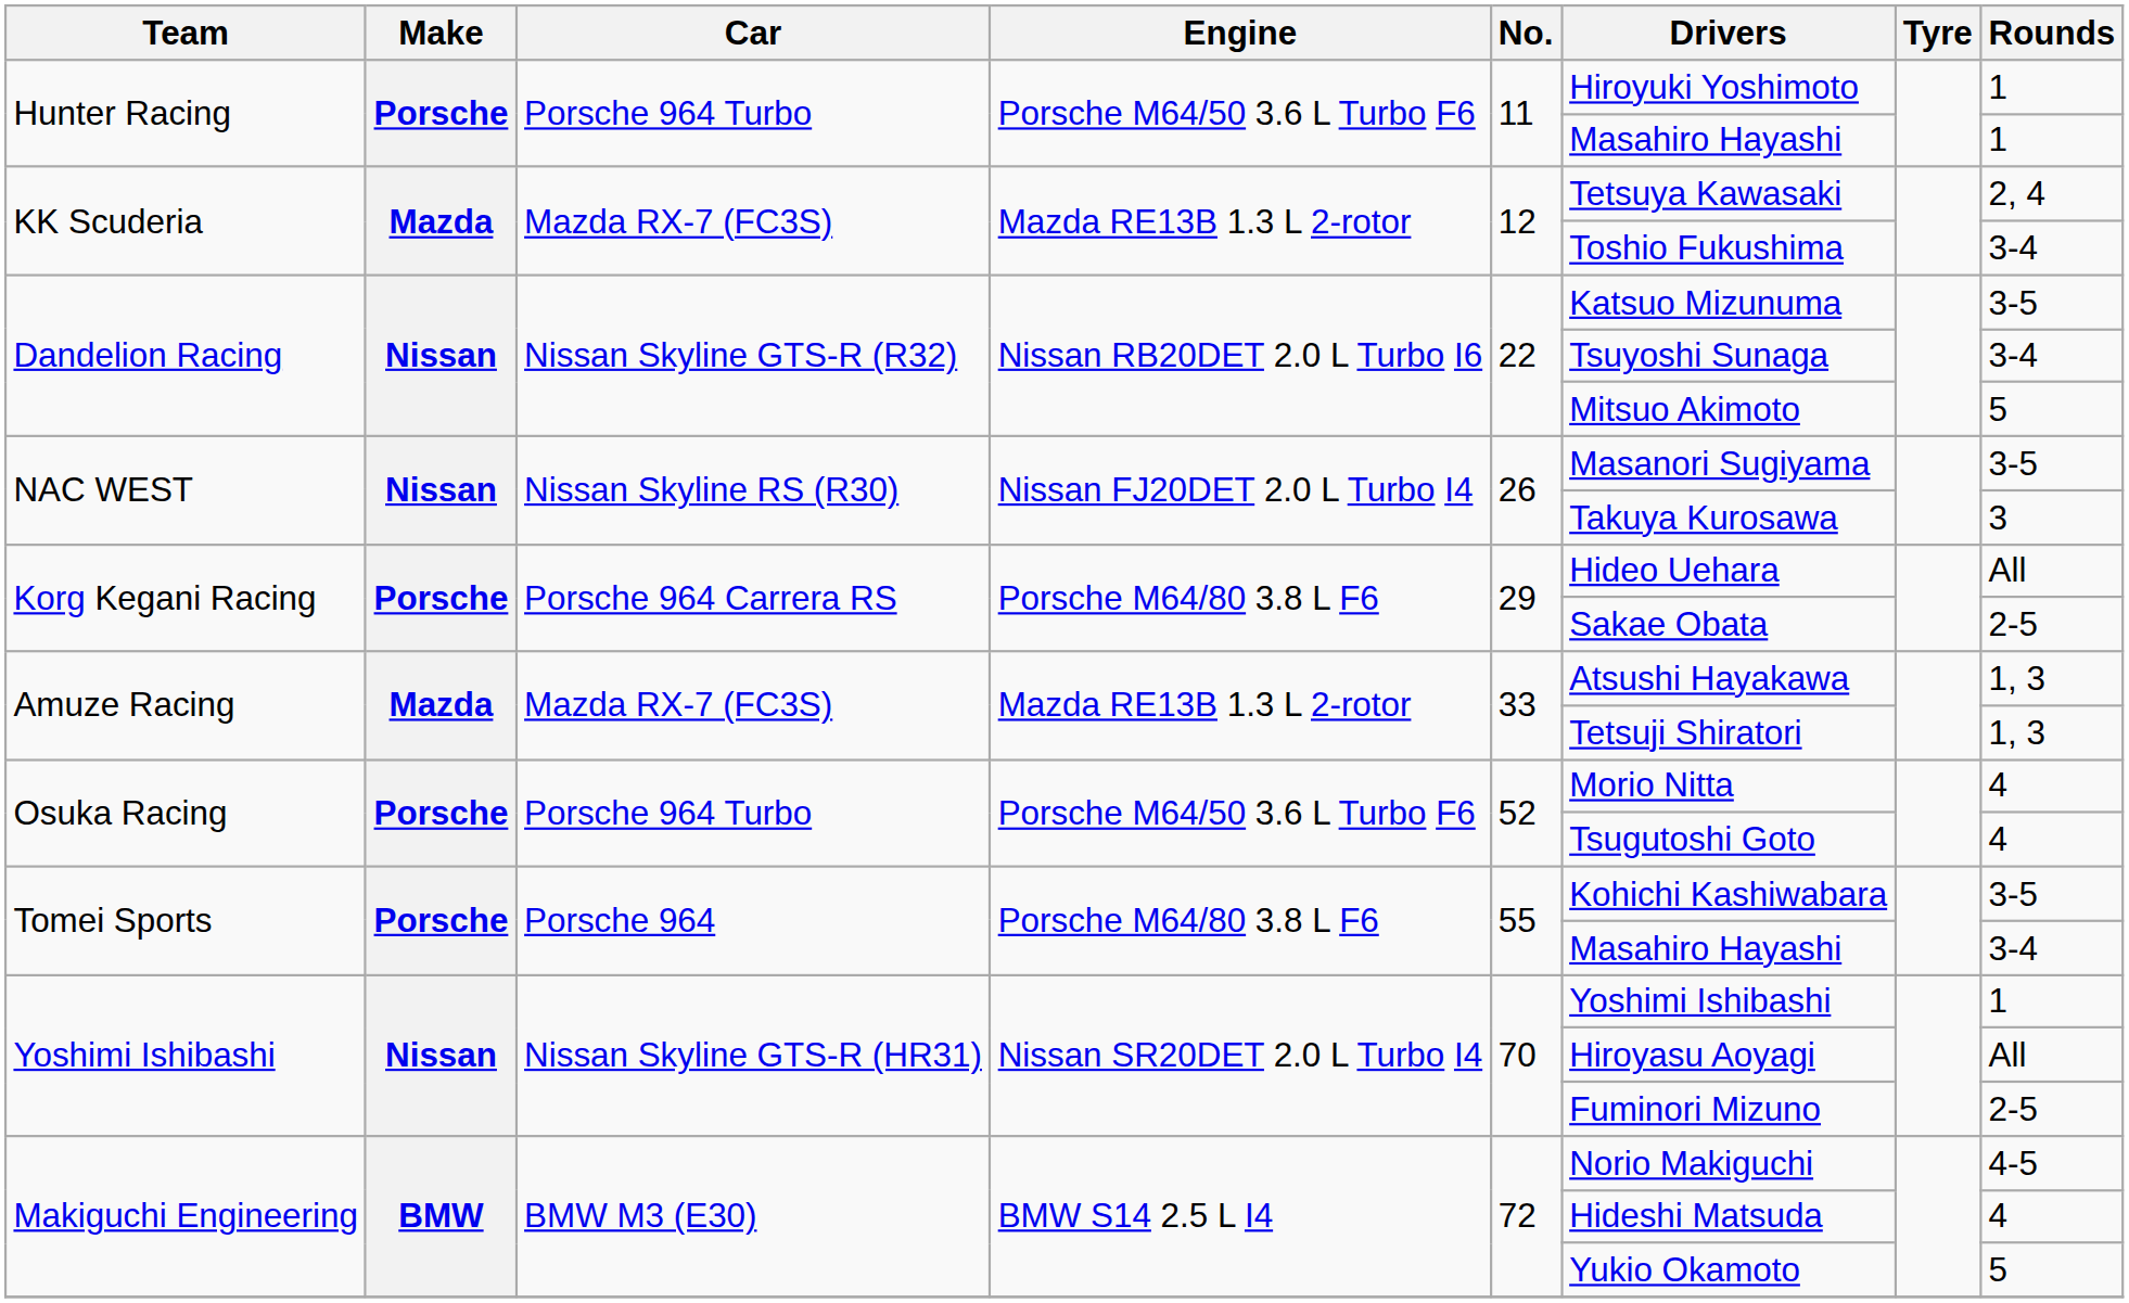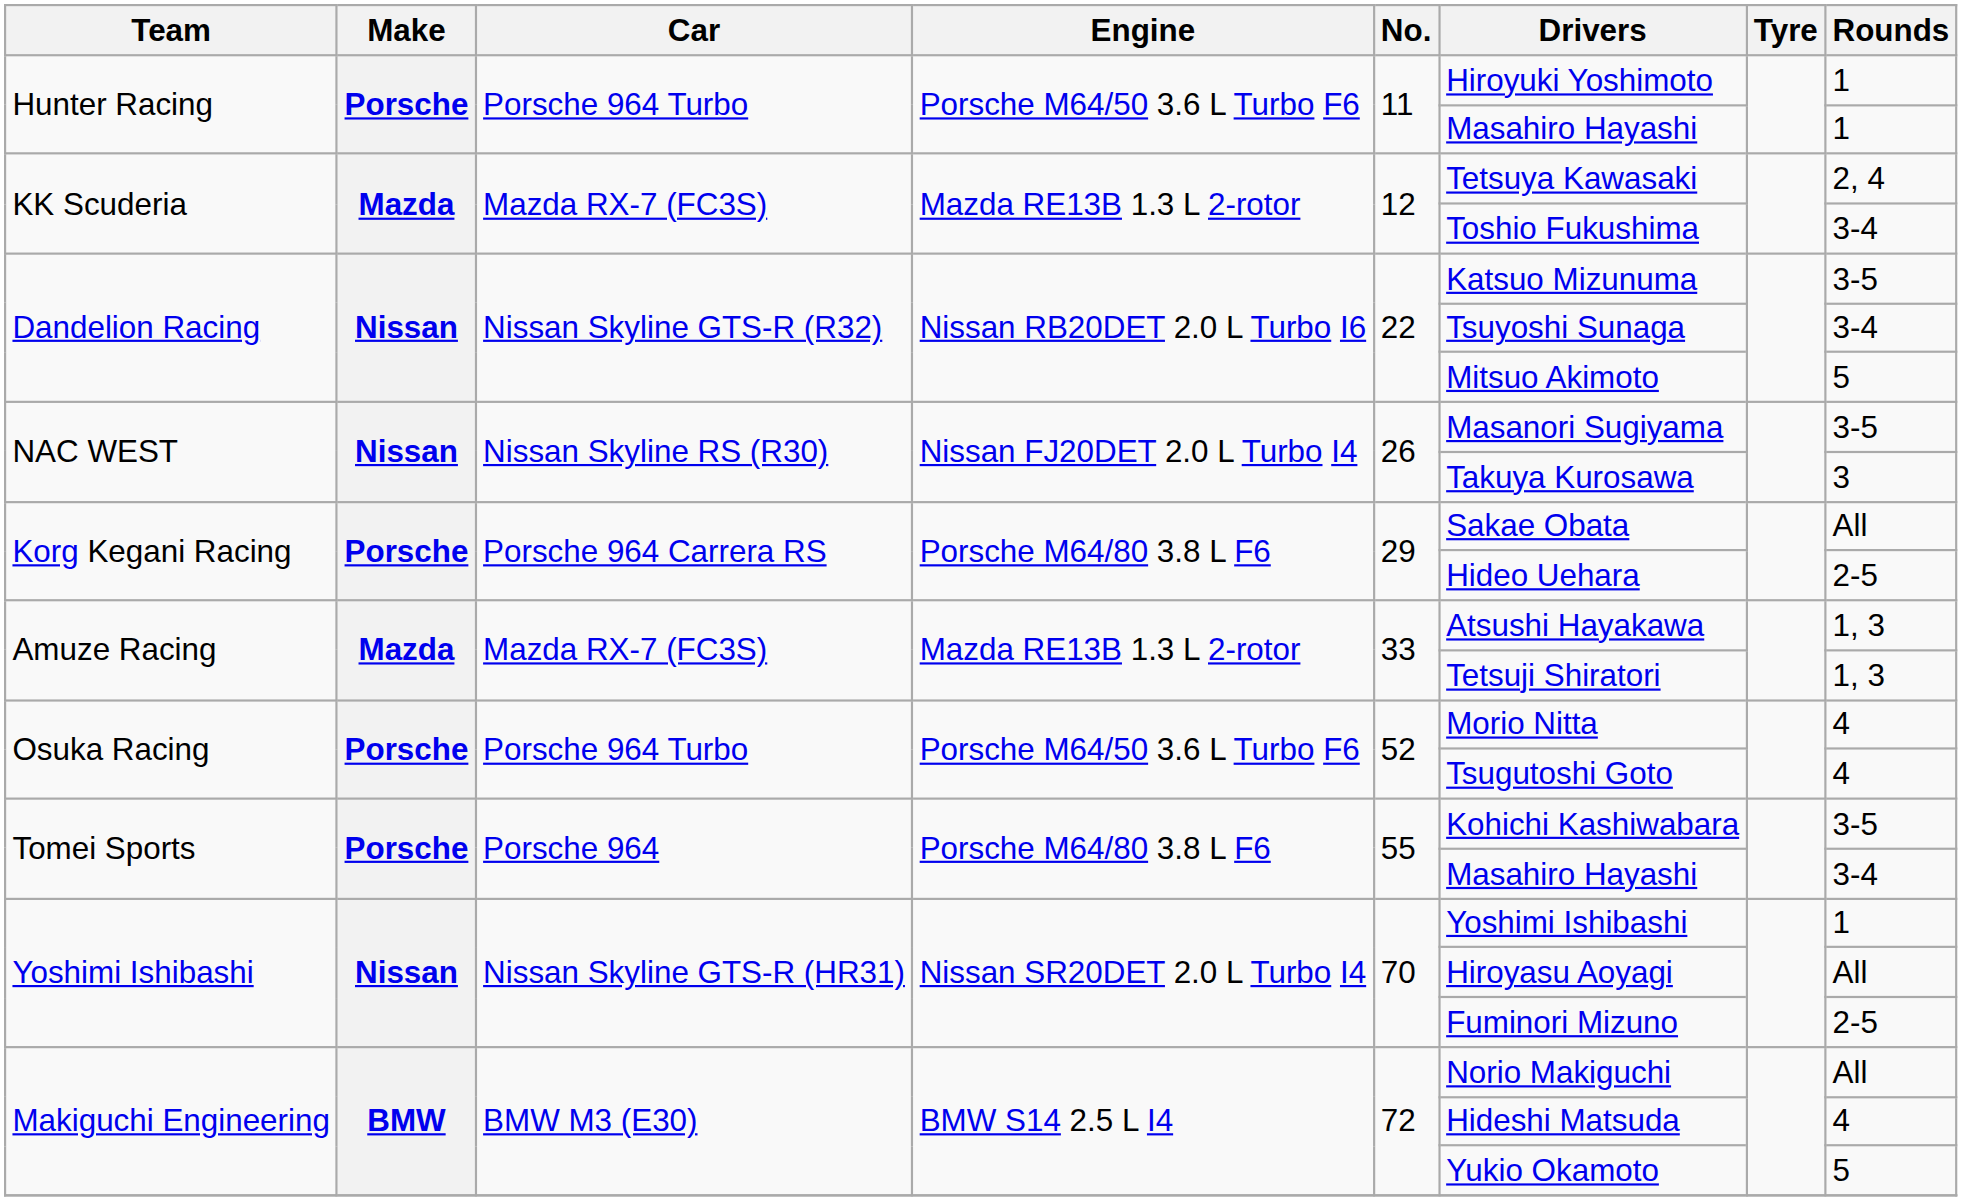 <table class="wikitable" style="font-size: 90%;">
 <tr>
 <th>Team</th>
 <th>Make</th>
 <th>Car</th>
 <th>Engine</th>
 <th>No.</th>
 <th>Drivers</th>
 <th>Tyre</th>
 <th>Rounds</th>
 </tr>
 <tr>
 <td rowspan="2">Hunter Racing</td>
 <th rowspan="2"><a href='#'>Porsche</a></th>
 <td rowspan="2"><a href='#'>Porsche 964 Turbo</a></td>
 <td rowspan="2"><a href='#'>Porsche M64/50</a> 3.6 L <a href='#'>Turbo</a> <a href='#'>F6</a></td>
 <td rowspan="2">11</td>
 <td> <a href='#'>Hiroyuki Yoshimoto</a></td>
 <td rowspan="2"></td>
 <td>1</td>
 </tr>
 <tr>
 <td> <a href='#'>Masahiro Hayashi</a></td>
 <td>1</td>
 </tr>
 <tr>
 <td rowspan="2">KK Scuderia</td>
 <th rowspan="2"><a href='#'>Mazda</a></th>
 <td rowspan="2"><a href='#'>Mazda RX-7 (FC3S)</a></td>
 <td rowspan="2"><a href='#'>Mazda RE13B</a> 1.3 L <a href='#'>2-rotor</a></td>
 <td rowspan="2">12</td>
 <td> <a href='#'>Tetsuya Kawasaki</a></td>
 <td rowspan="2"></td>
 <td>2, 4</td>
 </tr>
 <tr>
 <td> <a href='#'>Toshio Fukushima</a></td>
 <td>3-4</td>
 </tr>
 <tr>
 <td rowspan="3"><a href='#'>Dandelion Racing</a></td>
 <th rowspan="3"><a href='#'>Nissan</a></th>
 <td rowspan="3"><a href='#'>Nissan Skyline GTS-R (R32)</a></td>
 <td rowspan="3"><a href='#'>Nissan RB20DET</a> 2.0 L <a href='#'>Turbo</a> <a href='#'>I6</a></td>
 <td rowspan="3">22</td>
 <td> <a href='#'>Katsuo Mizunuma</a></td>
 <td rowspan="3"></td>
 <td>3-5</td>
 </tr>
 <tr>
 <td> <a href='#'>Tsuyoshi Sunaga</a></td>
 <td>3-4</td>
 </tr>
 <tr>
 <td> <a href='#'>Mitsuo Akimoto</a></td>
 <td>5</td>
 </tr>
 <tr>
 <td rowspan="2">NAC WEST</td>
 <th rowspan="2"><a href='#'>Nissan</a></th>
 <td rowspan="2"><a href='#'>Nissan Skyline RS (R30)</a></td>
 <td rowspan="2"><a href='#'>Nissan FJ20DET</a> 2.0 L <a href='#'>Turbo</a> <a href='#'>I4</a></td>
 <td rowspan="2">26</td>
 <td> <a href='#'>Masanori Sugiyama</a></td>
 <td rowspan="2"></td>
 <td>3-5</td>
 </tr>
 <tr>
 <td> <a href='#'>Takuya Kurosawa</a></td>
 <td>3</td>
 </tr>
 <tr>
 <td rowspan="2"><a href='#'>Korg</a> Kegani Racing</td>
 <th rowspan="2"><a href='#'>Porsche</a></th>
 <td rowspan="2"><a href='#'>Porsche 964 Carrera RS</a></td>
 <td rowspan="2"><a href='#'>Porsche M64/80</a> 3.8 L <a href='#'>F6</a></td>
 <td rowspan="2">29</td>
-<td> <a href='#'>Hideo Uehara</a></td>
+<td> <a href='#'>Sakae Obata</a></td>
 <td rowspan="2"></td>
 <td>All</td>
 </tr>
 <tr>
-<td> <a href='#'>Sakae Obata</a></td>
+<td> <a href='#'>Hideo Uehara</a></td>
 <td>2-5</td>
 </tr>
 <tr>
 <td rowspan="2">Amuze Racing</td>
 <th rowspan="2"><a href='#'>Mazda</a></th>
 <td rowspan="2"><a href='#'>Mazda RX-7 (FC3S)</a></td>
 <td rowspan="2"><a href='#'>Mazda RE13B</a> 1.3 L <a href='#'>2-rotor</a></td>
 <td rowspan="2">33</td>
 <td> <a href='#'>Atsushi Hayakawa</a></td>
 <td rowspan="2"></td>
 <td>1, 3</td>
 </tr>
 <tr>
 <td> <a href='#'>Tetsuji Shiratori</a></td>
 <td>1, 3</td>
 </tr>
 <tr>
 <td rowspan="2">Osuka Racing</td>
 <th rowspan="2"><a href='#'>Porsche</a></th>
 <td rowspan="2"><a href='#'>Porsche 964 Turbo</a></td>
 <td rowspan="2"><a href='#'>Porsche M64/50</a> 3.6 L <a href='#'>Turbo</a> <a href='#'>F6</a></td>
 <td rowspan="2">52</td>
 <td> <a href='#'>Morio Nitta</a></td>
 <td rowspan="2"></td>
 <td>4</td>
 </tr>
 <tr>
 <td> <a href='#'>Tsugutoshi Goto</a></td>
 <td>4</td>
 </tr>
 <tr>
 <td rowspan="2">Tomei Sports</td>
 <th rowspan="2"><a href='#'>Porsche</a></th>
 <td rowspan="2"><a href='#'>Porsche 964</a></td>
 <td rowspan="2"><a href='#'>Porsche M64/80</a> 3.8 L <a href='#'>F6</a></td>
 <td rowspan="2">55</td>
 <td> <a href='#'>Kohichi Kashiwabara</a></td>
 <td rowspan="2"></td>
 <td>3-5</td>
 </tr>
 <tr>
 <td> <a href='#'>Masahiro Hayashi</a></td>
 <td>3-4</td>
 </tr>
 <tr>
 <td rowspan="3"><a href='#'>Yoshimi Ishibashi</a></td>
 <th rowspan="3"><a href='#'>Nissan</a></th>
 <td rowspan="3"><a href='#'>Nissan Skyline GTS-R (HR31)</a></td>
 <td rowspan="3"><a href='#'>Nissan SR20DET</a> 2.0 L <a href='#'>Turbo</a> <a href='#'>I4</a></td>
 <td rowspan="3">70</td>
 <td> <a href='#'>Yoshimi Ishibashi</a></td>
 <td rowspan="3"></td>
 <td>1</td>
 </tr>
 <tr>
 <td> <a href='#'>Hiroyasu Aoyagi</a></td>
 <td>All</td>
 </tr>
 <tr>
 <td> <a href='#'>Fuminori Mizuno</a></td>
 <td>2-5</td>
 </tr>
 <tr>
 <td rowspan="3"><a href='#'>Makiguchi Engineering</a></td>
 <th rowspan="3"><a href='#'>BMW</a></th>
 <td rowspan="3"><a href='#'>BMW M3 (E30)</a></td>
 <td rowspan="3"><a href='#'>BMW S14</a> 2.5 L <a href='#'>I4</a></td>
 <td rowspan="3">72</td>
 <td> <a href='#'>Norio Makiguchi</a></td>
 <td rowspan="3"></td>
-<td>4-5</td>
+<td>All</td>
 </tr>
 <tr>
 <td> <a href='#'>Hideshi Matsuda</a></td>
 <td>4</td>
 </tr>
 <tr>
 <td> <a href='#'>Yukio Okamoto</a></td>
 <td>5</td>
 </tr>
 <tr>
 </tr>
 </table>
